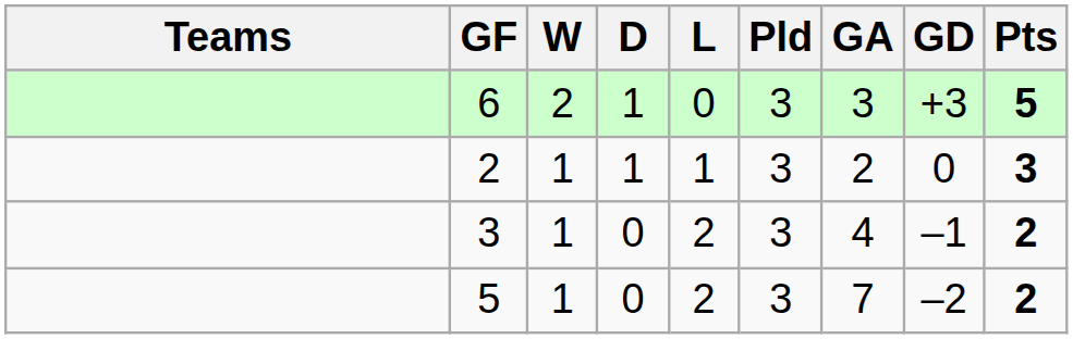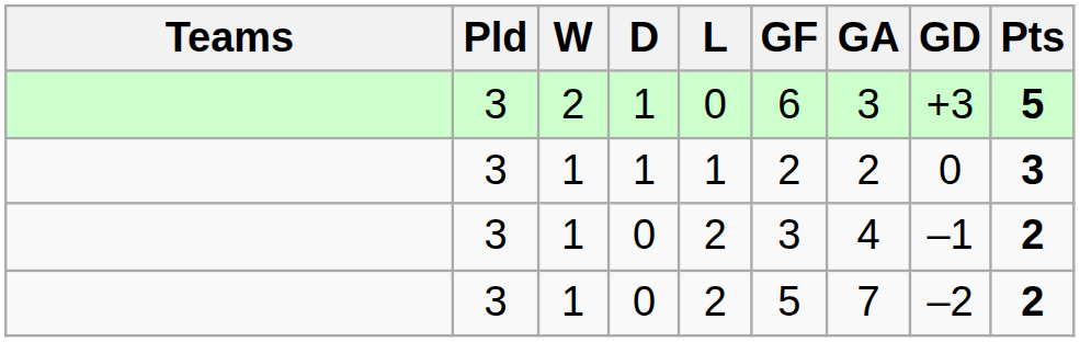 <table class="wikitable" style="text-align: center;">
 <tr>
 <th width=165>Teams</th>
-<th width=20>GF</th>
+<th width=20>Pld</th>
 <th width=20>W</th>
 <th width=20>D</th>
 <th width=20>L</th>
-<th width=20>Pld</th>
+<th width=20>GF</th>
 <th width=20>GA</th>
 <th width=20>GD</th>
 <th width=20>Pts</th>
 </tr>
 <tr align=center style="background:#ccffcc;">
 <td style="text-align:left;"></td>
-<td>6</td>
+<td>3</td>
 <td>2</td>
 <td>1</td>
 <td>0</td>
-<td>3</td>
+<td>6</td>
 <td>3</td>
 <td>+3</td>
 <td><strong>5</strong></td>
 </tr>
 <tr>
 <td style="text-align:left;"></td>
-<td>2</td>
+<td>3</td>
 <td>1</td>
 <td>1</td>
 <td>1</td>
-<td>3</td>
+<td>2</td>
 <td>2</td>
 <td>0</td>
 <td><strong>3</strong></td>
 </tr>
 <tr align=center>
 <td style="text-align:left;"></td>
 <td>3</td>
 <td>1</td>
 <td>0</td>
 <td>2</td>
 <td>3</td>
 <td>4</td>
 <td>–1</td>
 <td><strong>2</strong></td>
 </tr>
 <tr align=center>
 <td style="text-align:left;"></td>
-<td>5</td>
+<td>3</td>
 <td>1</td>
 <td>0</td>
 <td>2</td>
-<td>3</td>
+<td>5</td>
 <td>7</td>
 <td>–2</td>
 <td><strong>2</strong></td>
 </tr>
 </table>
